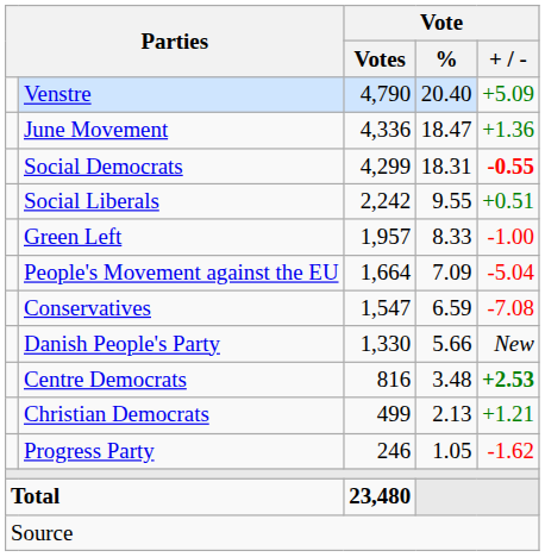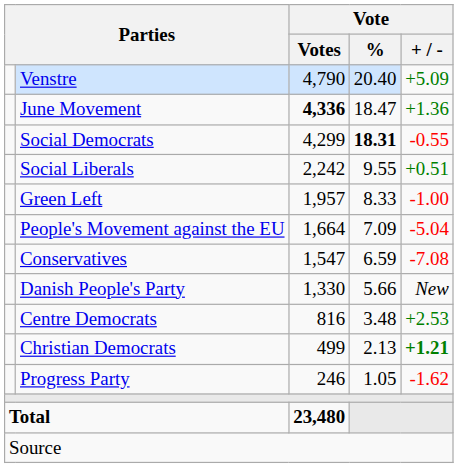 <table class="wikitable" style="text-align:right;">
 <tr>
 <th style="text-align:centre;" rowspan="2" colspan="2" width="225">Parties</th>
 <th colspan="3">Vote</th>
 </tr>
 <tr>
 <th width="15">Votes</th>
 <th width="15">%</th>
 <th width="15">+ / -</th>
 </tr>
 <tr>
 <td width="2" style="color:inherit;background:"></td>
 <td bgcolor=#cfe5fe   align="left"><a href='#'>Venstre</a></td>
 <td bgcolor=#cfe5fe>4,790</td>
 <td bgcolor=#cfe5fe>20.40</td>
 <td style=color:green;>+5.09</td>
 </tr>
 <tr>
 <td width="2" style="color:inherit;background:"></td>
 <td align="left"><a href='#'>June Movement</a></td>
-<td>4,336</td>
+<td><strong>4,336</strong></td>
 <td>18.47</td>
 <td style=color:green;>+1.36</td>
 </tr>
 <tr>
 <td width="2" style="color:inherit;background:"></td>
 <td align="left"><a href='#'>Social Democrats</a></td>
 <td>4,299</td>
-<td>18.31</td>
-<td style=color:red;><strong>-0.55</strong></td>
+<td><strong>18.31</strong></td>
+<td style=color:red;>-0.55</td>
 </tr>
 <tr>
 <td width="2" style="color:inherit;background:"></td>
 <td align="left"><a href='#'>Social Liberals</a></td>
 <td>2,242</td>
 <td>9.55</td>
 <td style=color:green;>+0.51</td>
 </tr>
 <tr>
 <td width="2" style="color:inherit;background:"></td>
 <td align="left"><a href='#'>Green Left</a></td>
 <td>1,957</td>
 <td>8.33</td>
 <td style=color:red;>-1.00</td>
 </tr>
 <tr>
 <td width="2" style="color:inherit;background:"></td>
 <td align="left"><a href='#'>People's Movement against the EU</a></td>
 <td>1,664</td>
 <td>7.09</td>
 <td style=color:red;>-5.04</td>
 </tr>
 <tr>
 <td width="2" style="color:inherit;background:"></td>
 <td align="left"><a href='#'>Conservatives</a></td>
 <td>1,547</td>
 <td>6.59</td>
 <td style=color:red;>-7.08</td>
 </tr>
 <tr>
 <td width="2" style="color:inherit;background:"></td>
 <td align="left"><a href='#'>Danish People's Party</a></td>
 <td>1,330</td>
 <td>5.66</td>
 <td><em>New</em></td>
 </tr>
 <tr>
 <td width="2" style="color:inherit;background:"></td>
 <td align="left"><a href='#'>Centre Democrats</a></td>
 <td>816</td>
 <td>3.48</td>
-<td style=color:green;><strong>+2.53</strong></td>
+<td style=color:green;>+2.53</td>
 </tr>
 <tr>
 <td width="2" style="color:inherit;background:"></td>
 <td align="left"><a href='#'>Christian Democrats</a></td>
 <td>499</td>
 <td>2.13</td>
-<td style=color:green;>+1.21</td>
+<td style=color:green;><strong>+1.21</strong></td>
 </tr>
 <tr>
 <td width="2" style="color:inherit;background:"></td>
 <td align="left"><a href='#'>Progress Party</a></td>
 <td>246</td>
 <td>1.05</td>
 <td style=color:red;>-1.62</td>
 </tr>
 <tr>
 <td colspan="7" bgcolor="#E9E9E9"></td>
 </tr>
 <tr>
 <td align="left" colspan="2"><strong>Total</strong></td>
 <td><strong>23,480</strong></td>
 <td bgcolor="#E9E9E9" colspan="2"></td>
 </tr>
 <tr>
 <td align="left" colspan="6">Source</td>
 </tr>
 </table>
